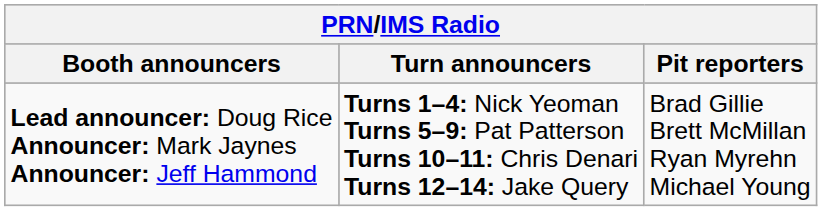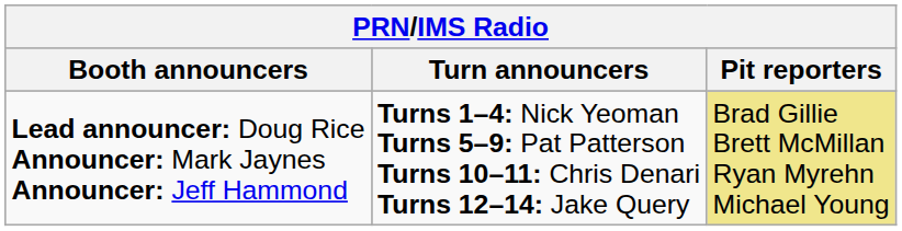 <table class="wikitable" style="font-size: 95%">
 <tr>
 <th colspan="3"><a href='#'>PRN</a>/<a href='#'>IMS Radio</a></th>
 </tr>
 <tr>
 <th>Booth announcers</th>
 <th>Turn announcers</th>
 <th>Pit reporters</th>
 </tr>
 <tr>
 <td><strong>Lead announcer:</strong> Doug Rice<br><strong>Announcer:</strong> Mark Jaynes<br><strong>Announcer:</strong> <a href='#'>Jeff Hammond</a></td>
 <td><strong>Turns 1–4:</strong> Nick Yeoman<br><strong>Turns 5–9:</strong> Pat Patterson<br><strong>Turns 10–11:</strong> Chris Denari<br><strong>Turns 12–14:</strong> Jake Query</td>
-<td>Brad Gillie<br>Brett McMillan<br>Ryan Myrehn<br>Michael Young</td>
+<td style="background: khaki;">Brad Gillie<br>Brett McMillan<br>Ryan Myrehn<br>Michael Young</td>
 </tr>
 </table>
